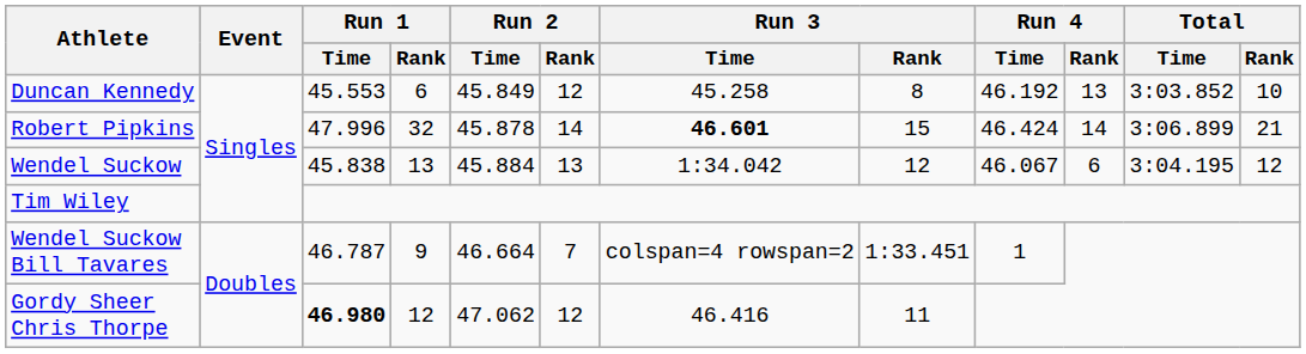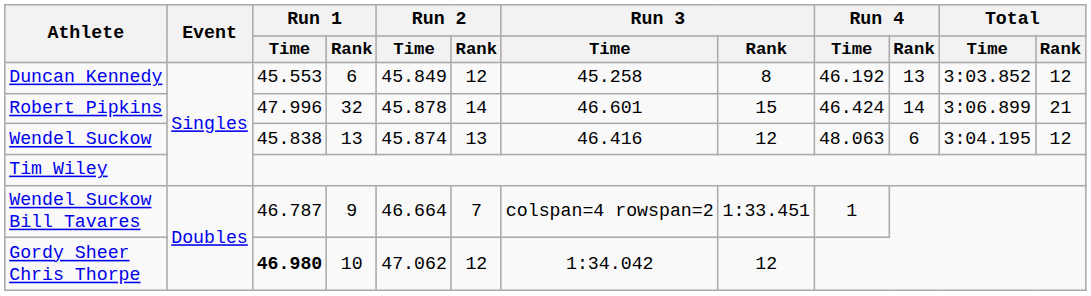 <table class=wikitable style=font-size:90%;text-align:center>
 <tr>
 <th rowspan=2>Athlete</th>
 <th rowspan=2>Event</th>
 <th colspan=2>Run 1</th>
 <th colspan=2>Run 2</th>
 <th colspan=2>Run 3</th>
 <th colspan=2>Run 4</th>
 <th colspan=2>Total</th>
 </tr>
 <tr style=font-size:95%>
 <th>Time</th>
 <th>Rank</th>
 <th>Time</th>
 <th>Rank</th>
 <th>Time</th>
 <th>Rank</th>
 <th>Time</th>
 <th>Rank</th>
 <th>Time</th>
 <th>Rank</th>
 </tr>
 <tr>
 <td align=left><a href='#'>Duncan Kennedy</a></td>
 <td align=left rowspan=4><a href='#'>Singles</a></td>
 <td>45.553</td>
 <td>6</td>
 <td>45.849</td>
 <td>12</td>
 <td>45.258</td>
 <td>8</td>
 <td>46.192</td>
 <td>13</td>
 <td>3:03.852</td>
-<td>10</td>
+<td>12</td>
 </tr>
 <tr>
 <td align=left><a href='#'>Robert Pipkins</a></td>
 <td>47.996</td>
 <td>32</td>
 <td>45.878</td>
 <td>14</td>
-<td><strong>46.601</strong></td>
+<td>46.601</td>
 <td>15</td>
 <td>46.424</td>
 <td>14</td>
 <td>3:06.899</td>
 <td>21</td>
 </tr>
 <tr>
 <td align=left><a href='#'>Wendel Suckow</a></td>
 <td>45.838</td>
 <td>13</td>
-<td>45.884</td>
+<td>45.874</td>
 <td>13</td>
-<td>1:34.042</td>
+<td>46.416</td>
 <td>12</td>
-<td>46.067</td>
+<td>48.063</td>
 <td>6</td>
 <td>3:04.195</td>
 <td>12</td>
 </tr>
 <tr>
 <td align=left><a href='#'>Tim Wiley</a></td>
 <td colspan=10></td>
 </tr>
 <tr>
 <td align=left><a href='#'>Wendel Suckow</a><br><a href='#'>Bill Tavares</a></td>
 <td align=left rowspan=2><a href='#'>Doubles</a></td>
 <td>46.787</td>
 <td>9</td>
 <td>46.664</td>
 <td>7</td>
 <td>colspan=4 rowspan=2 </td>
 <td>1:33.451</td>
 <td>1</td>
 </tr>
 <tr>
 <td align=left><a href='#'>Gordy Sheer</a><br><a href='#'>Chris Thorpe</a></td>
 <td><strong>46.980</strong></td>
-<td>12</td>
+<td>10</td>
 <td>47.062</td>
 <td>12</td>
-<td>46.416</td>
-<td>11</td>
+<td>1:34.042</td>
+<td>12</td>
 </tr>
 </table>
